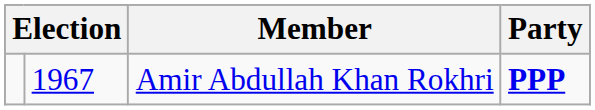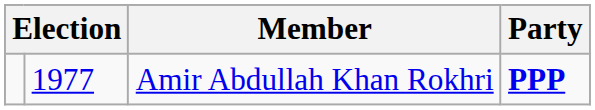 <table class="wikitable">
 <tr>
 <th colspan="2">Election</th>
 <th>Member</th>
 <th>Party</th>
 </tr>
 <tr>
 <td style="background-color: "></td>
-<td><a href='#'>1967</a></td>
+<td><a href='#'>1977</a></td>
 <td><a href='#'>Amir Abdullah Khan Rokhri</a></td>
 <td><strong><a href='#'>PPP</a></strong></td>
 </tr>
 </table>
